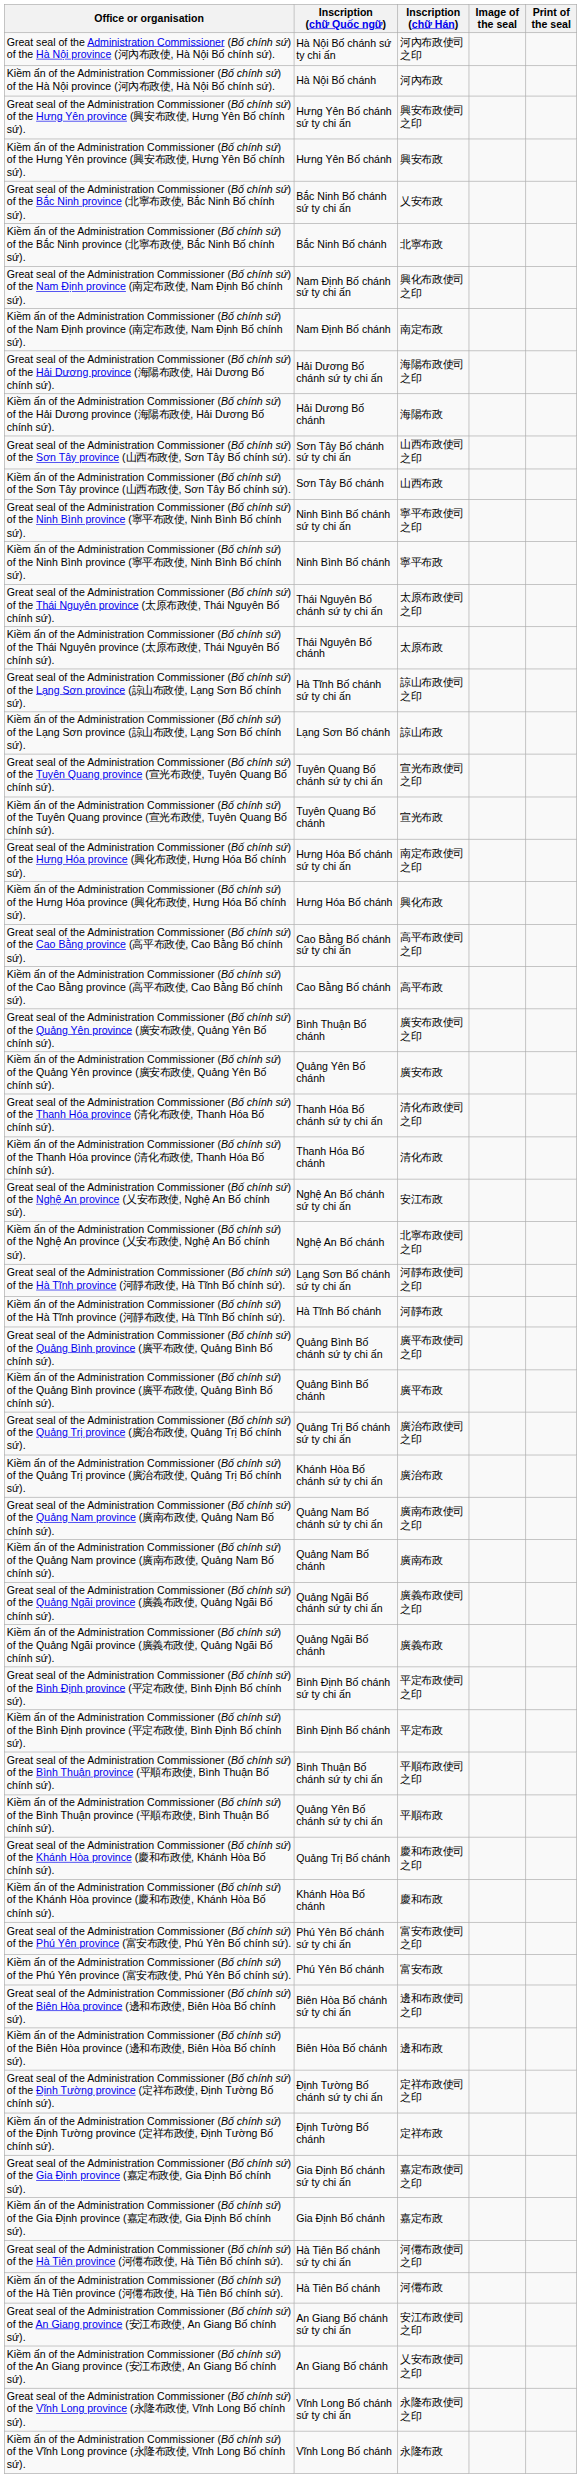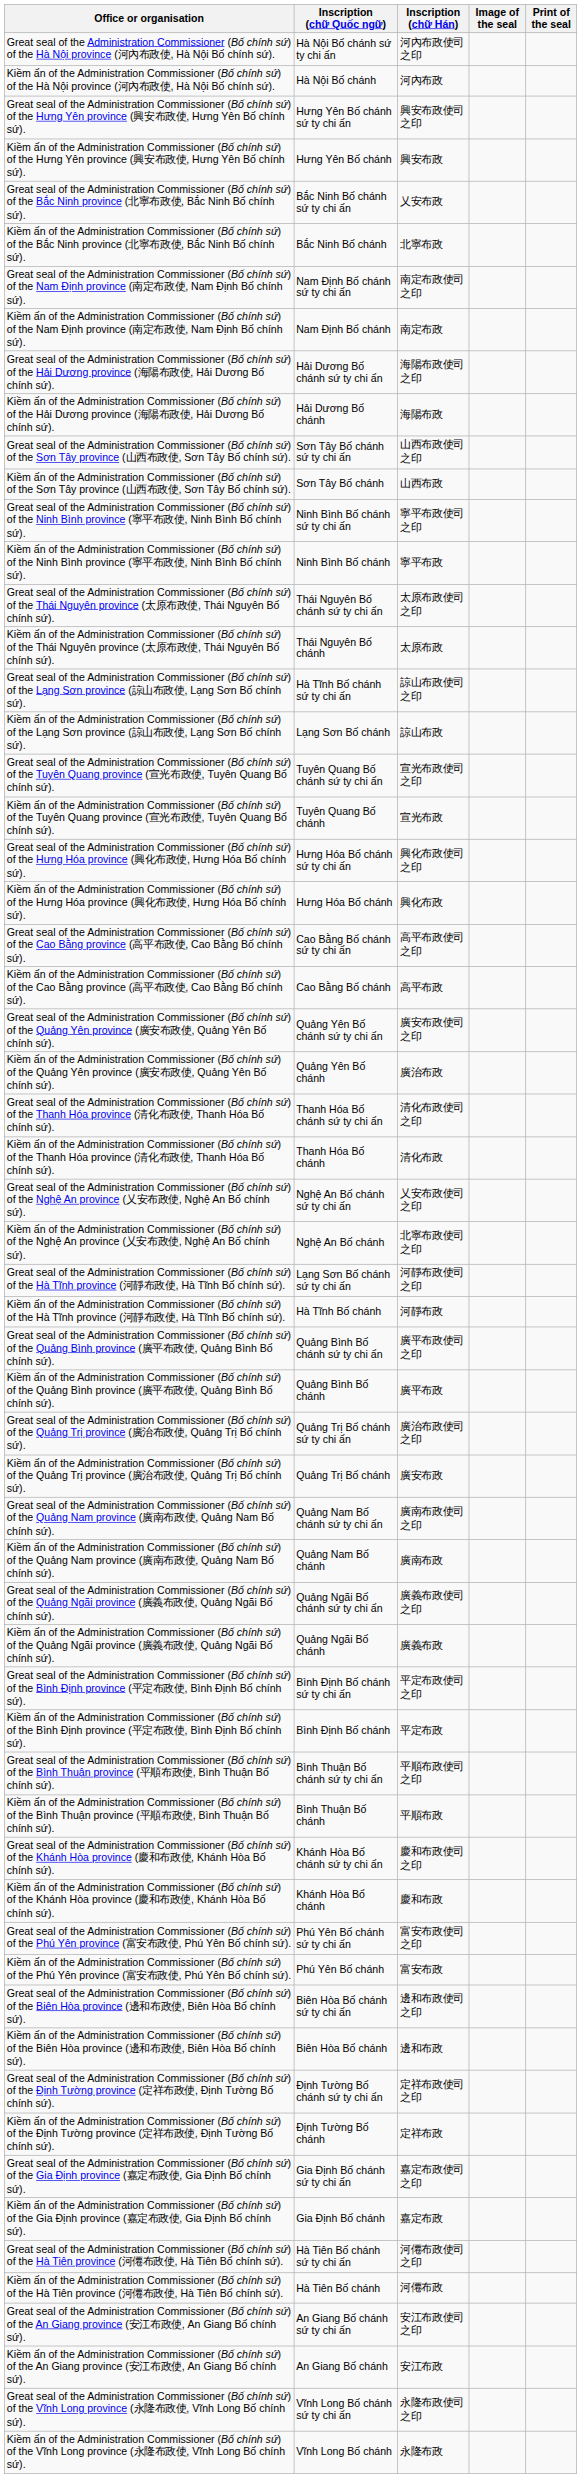 <table class="wikitable">
 <tr>
 <th>Office or organisation</th>
 <th>Inscription<br>(<a href='#'>chữ Quốc ngữ</a>)</th>
 <th>Inscription<br>(<a href='#'>chữ Hán</a>)</th>
 <th>Image of the seal</th>
 <th>Print of the seal</th>
 </tr>
 <tr>
 <td>Great seal of the <a href='#'>Administration Commissioner</a> (<em>Bố chính sứ</em>) of the <a href='#'>Hà Nội province</a> (河內布政使, Hà Nội Bố chính sứ).</td>
 <td>Hà Nội Bố chánh sứ ty chi ấn</td>
 <td>河內布政使司之印</td>
 <td></td>
 <td></td>
 </tr>
 <tr>
 <td>Kiềm ấn of the Administration Commissioner (<em>Bố chính sứ</em>) of the Hà Nội province (河內布政使, Hà Nội Bố chính sứ).</td>
 <td>Hà Nội Bố chánh</td>
 <td>河內布政</td>
 <td></td>
 <td></td>
 </tr>
 <tr>
 <td>Great seal of the Administration Commissioner (<em>Bố chính sứ</em>) of the <a href='#'>Hưng Yên province</a> (興安布政使, Hưng Yên Bố chính sứ).</td>
 <td>Hưng Yên Bố chánh sứ ty chi ấn</td>
 <td>興安布政使司之印</td>
 <td></td>
 <td></td>
 </tr>
 <tr>
 <td>Kiềm ấn of the Administration Commissioner (<em>Bố chính sứ</em>) of the Hưng Yên province (興安布政使, Hưng Yên Bố chính sứ).</td>
 <td>Hưng Yên Bố chánh</td>
 <td>興安布政</td>
 <td></td>
 <td></td>
 </tr>
 <tr>
 <td>Great seal of the Administration Commissioner (<em>Bố chính sứ</em>) of the <a href='#'>Bắc Ninh province</a> (北寧布政使, Bắc Ninh Bố chính sứ).</td>
 <td>Bắc Ninh Bố chánh sứ ty chi ấn</td>
 <td>乂安布政</td>
 <td></td>
 <td></td>
 </tr>
 <tr>
 <td>Kiềm ấn of the Administration Commissioner (<em>Bố chính sứ</em>) of the Bắc Ninh province (北寧布政使, Bắc Ninh Bố chính sứ).</td>
 <td>Bắc Ninh Bố chánh</td>
 <td>北寧布政</td>
 <td></td>
 <td></td>
 </tr>
 <tr>
 <td>Great seal of the Administration Commissioner (<em>Bố chính sứ</em>) of the <a href='#'>Nam Định province</a> (南定布政使, Nam Định Bố chính sứ).</td>
 <td>Nam Định Bố chánh sứ ty chi ấn</td>
-<td>興化布政使司之印</td>
+<td>南定布政使司之印</td>
 <td></td>
 <td></td>
 </tr>
 <tr>
 <td>Kiềm ấn of the Administration Commissioner (<em>Bố chính sứ</em>) of the Nam Định province (南定布政使, Nam Định Bố chính sứ).</td>
 <td>Nam Định Bố chánh</td>
 <td>南定布政</td>
 <td></td>
 <td></td>
 </tr>
 <tr>
 <td>Great seal of the Administration Commissioner (<em>Bố chính sứ</em>) of the <a href='#'>Hải Dương province</a> (海陽布政使, Hải Dương Bố chính sứ).</td>
 <td>Hải Dương Bố chánh sứ ty chi ấn</td>
 <td>海陽布政使司之印</td>
 <td></td>
 <td></td>
 </tr>
 <tr>
 <td>Kiềm ấn of the Administration Commissioner (<em>Bố chính sứ</em>) of the Hải Dương province (海陽布政使, Hải Dương Bố chính sứ).</td>
 <td>Hải Dương Bố chánh</td>
 <td>海陽布政</td>
 <td></td>
 <td></td>
 </tr>
 <tr>
 <td>Great seal of the Administration Commissioner (<em>Bố chính sứ</em>) of the <a href='#'>Sơn Tây province</a> (山西布政使, Sơn Tây Bố chính sứ).</td>
 <td>Sơn Tây Bố chánh sứ ty chi ấn</td>
 <td>山西布政使司之印</td>
 <td></td>
 <td></td>
 </tr>
 <tr>
 <td>Kiềm ấn of the Administration Commissioner (<em>Bố chính sứ</em>) of the Sơn Tây province (山西布政使, Sơn Tây Bố chính sứ).</td>
 <td>Sơn Tây Bố chánh</td>
 <td>山西布政</td>
 <td></td>
 <td></td>
 </tr>
 <tr>
 <td>Great seal of the Administration Commissioner (<em>Bố chính sứ</em>) of the <a href='#'>Ninh Bình province</a> (寧平布政使, Ninh Bình Bố chính sứ).</td>
 <td>Ninh Bình Bố chánh sứ ty chi ấn</td>
 <td>寧平布政使司之印</td>
 <td></td>
 <td></td>
 </tr>
 <tr>
 <td>Kiềm ấn of the Administration Commissioner (<em>Bố chính sứ</em>) of the Ninh Bình province (寧平布政使, Ninh Bình Bố chính sứ).</td>
 <td>Ninh Bình Bố chánh</td>
 <td>寧平布政</td>
 <td></td>
 <td></td>
 </tr>
 <tr>
 <td>Great seal of the Administration Commissioner (<em>Bố chính sứ</em>) of the <a href='#'>Thái Nguyên province</a> (太原布政使, Thái Nguyên Bố chính sứ).</td>
 <td>Thái Nguyên Bố chánh sứ ty chi ấn</td>
 <td>太原布政使司之印</td>
 <td></td>
 <td></td>
 </tr>
 <tr>
 <td>Kiềm ấn of the Administration Commissioner (<em>Bố chính sứ</em>) of the Thái Nguyên province (太原布政使, Thái Nguyên Bố chính sứ).</td>
 <td>Thái Nguyên Bố chánh</td>
 <td>太原布政</td>
 <td></td>
 <td></td>
 </tr>
 <tr>
 <td>Great seal of the Administration Commissioner (<em>Bố chính sứ</em>) of the <a href='#'>Lạng Sơn province</a> (諒山布政使, Lạng Sơn Bố chính sứ).</td>
 <td>Hà Tĩnh Bố chánh sứ ty chi ấn</td>
 <td>諒山布政使司之印</td>
 <td></td>
 <td></td>
 </tr>
 <tr>
 <td>Kiềm ấn of the Administration Commissioner (<em>Bố chính sứ</em>) of the Lạng Sơn province (諒山布政使, Lạng Sơn Bố chính sứ).</td>
 <td>Lạng Sơn Bố chánh</td>
 <td>諒山布政</td>
 <td></td>
 <td></td>
 </tr>
 <tr>
 <td>Great seal of the Administration Commissioner (<em>Bố chính sứ</em>) of the <a href='#'>Tuyên Quang province</a> (宣光布政使, Tuyên Quang Bố chính sứ).</td>
 <td>Tuyên Quang Bố chánh sứ ty chi ấn</td>
 <td>宣光布政使司之印</td>
 <td></td>
 <td></td>
 </tr>
 <tr>
 <td>Kiềm ấn of the Administration Commissioner (<em>Bố chính sứ</em>) of the Tuyên Quang province (宣光布政使, Tuyên Quang Bố chính sứ).</td>
 <td>Tuyên Quang Bố chánh</td>
 <td>宣光布政</td>
 <td></td>
 <td></td>
 </tr>
 <tr>
 <td>Great seal of the Administration Commissioner (<em>Bố chính sứ</em>) of the <a href='#'>Hưng Hóa province</a> (興化布政使, Hưng Hóa Bố chính sứ).</td>
 <td>Hưng Hóa Bố chánh sứ ty chi ấn</td>
-<td>南定布政使司之印</td>
+<td>興化布政使司之印</td>
 <td></td>
 <td></td>
 </tr>
 <tr>
 <td>Kiềm ấn of the Administration Commissioner (<em>Bố chính sứ</em>) of the Hưng Hóa province (興化布政使, Hưng Hóa Bố chính sứ).</td>
 <td>Hưng Hóa Bố chánh</td>
 <td>興化布政</td>
 <td></td>
 <td></td>
 </tr>
 <tr>
 <td>Great seal of the Administration Commissioner (<em>Bố chính sứ</em>) of the <a href='#'>Cao Bằng province</a> (高平布政使, Cao Bằng Bố chính sứ).</td>
 <td>Cao Bằng Bố chánh sứ ty chi ấn</td>
 <td>高平布政使司之印</td>
 <td></td>
 <td></td>
 </tr>
 <tr>
 <td>Kiềm ấn of the Administration Commissioner (<em>Bố chính sứ</em>) of the Cao Bằng province (高平布政使, Cao Bằng Bố chính sứ).</td>
 <td>Cao Bằng Bố chánh</td>
 <td>高平布政</td>
 <td></td>
 <td></td>
 </tr>
 <tr>
 <td>Great seal of the Administration Commissioner (<em>Bố chính sứ</em>) of the <a href='#'>Quảng Yên province</a> (廣安布政使, Quảng Yên Bố chính sứ).</td>
-<td>Bình Thuận Bố chánh</td>
+<td>Quảng Yên Bố chánh sứ ty chi ấn</td>
 <td>廣安布政使司之印</td>
 <td></td>
 <td></td>
 </tr>
 <tr>
 <td>Kiềm ấn of the Administration Commissioner (<em>Bố chính sứ</em>) of the Quảng Yên province (廣安布政使, Quảng Yên Bố chính sứ).</td>
 <td>Quảng Yên Bố chánh</td>
-<td>廣安布政</td>
+<td>廣治布政</td>
 <td></td>
 <td></td>
 </tr>
 <tr>
 <td>Great seal of the Administration Commissioner (<em>Bố chính sứ</em>) of the <a href='#'>Thanh Hóa province</a> (清化布政使, Thanh Hóa Bố chính sứ).</td>
 <td>Thanh Hóa Bố chánh sứ ty chi ấn</td>
 <td>清化布政使司之印</td>
 <td></td>
 <td></td>
 </tr>
 <tr>
 <td>Kiềm ấn of the Administration Commissioner (<em>Bố chính sứ</em>) of the Thanh Hóa province (清化布政使, Thanh Hóa Bố chính sứ).</td>
 <td>Thanh Hóa Bố chánh</td>
 <td>清化布政</td>
 <td></td>
 <td></td>
 </tr>
 <tr>
 <td>Great seal of the Administration Commissioner (<em>Bố chính sứ</em>) of the <a href='#'>Nghệ An province</a> (乂安布政使, Nghệ An Bố chính sứ).</td>
 <td>Nghệ An Bố chánh sứ ty chi ấn</td>
-<td>安江布政</td>
+<td>乂安布政使司之印</td>
 <td></td>
 <td></td>
 </tr>
 <tr>
 <td>Kiềm ấn of the Administration Commissioner (<em>Bố chính sứ</em>) of the Nghệ An province (乂安布政使, Nghệ An Bố chính sứ).</td>
 <td>Nghệ An Bố chánh</td>
 <td>北寧布政使司之印</td>
 <td></td>
 <td></td>
 </tr>
 <tr>
 <td>Great seal of the Administration Commissioner (<em>Bố chính sứ</em>) of the <a href='#'>Hà Tĩnh province</a> (河靜布政使, Hà Tĩnh Bố chính sứ).</td>
 <td>Lạng Sơn Bố chánh sứ ty chi ấn</td>
 <td>河靜布政使司之印</td>
 <td></td>
 <td></td>
 </tr>
 <tr>
 <td>Kiềm ấn of the Administration Commissioner (<em>Bố chính sứ</em>) of the Hà Tĩnh province (河靜布政使, Hà Tĩnh Bố chính sứ).</td>
 <td>Hà Tĩnh Bố chánh</td>
 <td>河靜布政</td>
 <td></td>
 <td></td>
 </tr>
 <tr>
 <td>Great seal of the Administration Commissioner (<em>Bố chính sứ</em>) of the <a href='#'>Quảng Bình province</a> (廣平布政使, Quảng Bình Bố chính sứ).</td>
 <td>Quảng Bình Bố chánh sứ ty chi ấn</td>
 <td>廣平布政使司之印</td>
 <td></td>
 <td></td>
 </tr>
 <tr>
 <td>Kiềm ấn of the Administration Commissioner (<em>Bố chính sứ</em>) of the Quảng Bình province (廣平布政使, Quảng Bình Bố chính sứ).</td>
 <td>Quảng Bình Bố chánh</td>
 <td>廣平布政</td>
 <td></td>
 <td></td>
 </tr>
 <tr>
 <td>Great seal of the Administration Commissioner (<em>Bố chính sứ</em>) of the <a href='#'>Quảng Trị province</a> (廣治布政使, Quảng Trị Bố chính sứ).</td>
 <td>Quảng Trị Bố chánh sứ ty chi ấn</td>
 <td>廣治布政使司之印</td>
 <td></td>
 <td></td>
 </tr>
 <tr>
 <td>Kiềm ấn of the Administration Commissioner (<em>Bố chính sứ</em>) of the Quảng Trị province (廣治布政使, Quảng Trị Bố chính sứ).</td>
-<td>Khánh Hòa Bố chánh sứ ty chi ấn</td>
-<td>廣治布政</td>
+<td>Quảng Trị Bố chánh</td>
+<td>廣安布政</td>
 <td></td>
 <td></td>
 </tr>
 <tr>
 <td>Great seal of the Administration Commissioner (<em>Bố chính sứ</em>) of the <a href='#'>Quảng Nam province</a> (廣南布政使, Quảng Nam Bố chính sứ).</td>
 <td>Quảng Nam Bố chánh sứ ty chi ấn</td>
 <td>廣南布政使司之印</td>
 <td></td>
 <td></td>
 </tr>
 <tr>
 <td>Kiềm ấn of the Administration Commissioner (<em>Bố chính sứ</em>) of the Quảng Nam province (廣南布政使, Quảng Nam Bố chính sứ).</td>
 <td>Quảng Nam Bố chánh</td>
 <td>廣南布政</td>
 <td></td>
 <td></td>
 </tr>
 <tr>
 <td>Great seal of the Administration Commissioner (<em>Bố chính sứ</em>) of the <a href='#'>Quảng Ngãi province</a> (廣義布政使, Quảng Ngãi Bố chính sứ).</td>
 <td>Quảng Ngãi Bố chánh sứ ty chi ấn</td>
 <td>廣義布政使司之印</td>
 <td></td>
 <td></td>
 </tr>
 <tr>
 <td>Kiềm ấn of the Administration Commissioner (<em>Bố chính sứ</em>) of the Quảng Ngãi province (廣義布政使, Quảng Ngãi Bố chính sứ).</td>
 <td>Quảng Ngãi Bố chánh</td>
 <td>廣義布政</td>
 <td></td>
 <td></td>
 </tr>
 <tr>
 <td>Great seal of the Administration Commissioner (<em>Bố chính sứ</em>) of the <a href='#'>Bình Định province</a> (平定布政使, Bình Định Bố chính sứ).</td>
 <td>Bình Định Bố chánh sứ ty chi ấn</td>
 <td>平定布政使司之印</td>
 <td></td>
 <td></td>
 </tr>
 <tr>
 <td>Kiềm ấn of the Administration Commissioner (<em>Bố chính sứ</em>) of the Bình Định province (平定布政使, Bình Định Bố chính sứ).</td>
 <td>Bình Định Bố chánh</td>
 <td>平定布政</td>
 <td></td>
 <td></td>
 </tr>
 <tr>
 <td>Great seal of the Administration Commissioner (<em>Bố chính sứ</em>) of the <a href='#'>Bình Thuận province</a> (平順布政使, Bình Thuận Bố chính sứ).</td>
 <td>Bình Thuận Bố chánh sứ ty chi ấn</td>
 <td>平順布政使司之印</td>
 <td></td>
 <td></td>
 </tr>
 <tr>
 <td>Kiềm ấn of the Administration Commissioner (<em>Bố chính sứ</em>) of the Bình Thuận province (平順布政使, Bình Thuận Bố chính sứ).</td>
-<td>Quảng Yên Bố chánh sứ ty chi ấn</td>
+<td>Bình Thuận Bố chánh</td>
 <td>平順布政</td>
 <td></td>
 <td></td>
 </tr>
 <tr>
 <td>Great seal of the Administration Commissioner (<em>Bố chính sứ</em>) of the <a href='#'>Khánh Hòa province</a> (慶和布政使, Khánh Hòa Bố chính sứ).</td>
-<td>Quảng Trị Bố chánh</td>
+<td>Khánh Hòa Bố chánh sứ ty chi ấn</td>
 <td>慶和布政使司之印</td>
 <td></td>
 <td></td>
 </tr>
 <tr>
 <td>Kiềm ấn of the Administration Commissioner (<em>Bố chính sứ</em>) of the Khánh Hòa province (慶和布政使, Khánh Hòa Bố chính sứ).</td>
 <td>Khánh Hòa Bố chánh</td>
 <td>慶和布政</td>
 <td></td>
 <td></td>
 </tr>
 <tr>
 <td>Great seal of the Administration Commissioner (<em>Bố chính sứ</em>) of the <a href='#'>Phú Yên province</a> (富安布政使, Phú Yên Bố chính sứ).</td>
 <td>Phú Yên Bố chánh sứ ty chi ấn</td>
 <td>富安布政使司之印</td>
 <td></td>
 <td></td>
 </tr>
 <tr>
 <td>Kiềm ấn of the Administration Commissioner (<em>Bố chính sứ</em>) of the Phú Yên province (富安布政使, Phú Yên Bố chính sứ).</td>
 <td>Phú Yên Bố chánh</td>
 <td>富安布政</td>
 <td></td>
 <td></td>
 </tr>
 <tr>
 <td>Great seal of the Administration Commissioner (<em>Bố chính sứ</em>) of the <a href='#'>Biên Hòa province</a> (邊和布政使, Biên Hòa Bố chính sứ).</td>
 <td>Biên Hòa Bố chánh sứ ty chi ấn</td>
 <td>邊和布政使司之印</td>
 <td></td>
 <td></td>
 </tr>
 <tr>
 <td>Kiềm ấn of the Administration Commissioner (<em>Bố chính sứ</em>) of the Biên Hòa province (邊和布政使, Biên Hòa Bố chính sứ).</td>
 <td>Biên Hòa Bố chánh</td>
 <td>邊和布政</td>
 <td></td>
 <td></td>
 </tr>
 <tr>
 <td>Great seal of the Administration Commissioner (<em>Bố chính sứ</em>) of the <a href='#'>Định Tường province</a> (定祥布政使, Định Tường Bố chính sứ).</td>
 <td>Định Tường Bố chánh sứ ty chi ấn</td>
 <td>定祥布政使司之印</td>
 <td></td>
 <td></td>
 </tr>
 <tr>
 <td>Kiềm ấn of the Administration Commissioner (<em>Bố chính sứ</em>) of the Định Tường province (定祥布政使, Định Tường Bố chính sứ).</td>
 <td>Định Tường Bố chánh</td>
 <td>定祥布政</td>
 <td></td>
 <td></td>
 </tr>
 <tr>
 <td>Great seal of the Administration Commissioner (<em>Bố chính sứ</em>) of the <a href='#'>Gia Định province</a> (嘉定布政使, Gia Định Bố chính sứ).</td>
 <td>Gia Định Bố chánh sứ ty chi ấn</td>
 <td>嘉定布政使司之印</td>
 <td></td>
 <td></td>
 </tr>
 <tr>
 <td>Kiềm ấn of the Administration Commissioner (<em>Bố chính sứ</em>) of the Gia Định province (嘉定布政使, Gia Định Bố chính sứ).</td>
 <td>Gia Định Bố chánh</td>
 <td>嘉定布政</td>
 <td></td>
 <td></td>
 </tr>
 <tr>
 <td>Great seal of the Administration Commissioner (<em>Bố chính sứ</em>) of the <a href='#'>Hà Tiên province</a> (河僊布政使, Hà Tiên Bố chính sứ).</td>
 <td>Hà Tiên Bố chánh sứ ty chi ấn</td>
 <td>河僊布政使司之印</td>
 <td></td>
 <td></td>
 </tr>
 <tr>
 <td>Kiềm ấn of the Administration Commissioner (<em>Bố chính sứ</em>) of the Hà Tiên province (河僊布政使, Hà Tiên Bố chính sứ).</td>
 <td>Hà Tiên Bố chánh</td>
 <td>河僊布政</td>
 <td></td>
 <td></td>
 </tr>
 <tr>
 <td>Great seal of the Administration Commissioner (<em>Bố chính sứ</em>) of the <a href='#'>An Giang province</a> (安江布政使, An Giang Bố chính sứ).</td>
 <td>An Giang Bố chánh sứ ty chi ấn</td>
 <td>安江布政使司之印</td>
 <td></td>
 <td></td>
 </tr>
 <tr>
 <td>Kiềm ấn of the Administration Commissioner (<em>Bố chính sứ</em>) of the An Giang province (安江布政使, An Giang Bố chính sứ).</td>
 <td>An Giang Bố chánh</td>
-<td>乂安布政使司之印</td>
+<td>安江布政</td>
 <td></td>
 <td></td>
 </tr>
 <tr>
 <td>Great seal of the Administration Commissioner (<em>Bố chính sứ</em>) of the <a href='#'>Vĩnh Long province</a> (永隆布政使, Vĩnh Long Bố chính sứ).</td>
 <td>Vĩnh Long Bố chánh sứ ty chi ấn</td>
 <td>永隆布政使司之印</td>
 <td></td>
 <td></td>
 </tr>
 <tr>
 <td>Kiềm ấn of the Administration Commissioner (<em>Bố chính sứ</em>) of the Vĩnh Long province (永隆布政使, Vĩnh Long Bố chính sứ).</td>
 <td>Vĩnh Long Bố chánh</td>
 <td>永隆布政</td>
 <td></td>
 <td></td>
 </tr>
 </table>
